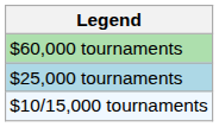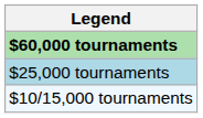 <table class="wikitable" style="font-size:85%">
 <tr>
 <th>Legend</th>
 </tr>
 <tr style="background:#addfad;">
-<td>$60,000 tournaments</td>
+<td><strong>$60,000 tournaments</strong></td>
 </tr>
 <tr style="background:lightblue;">
 <td>$25,000 tournaments</td>
 </tr>
 <tr style="background:#f0f8ff;">
 <td>$10/15,000 tournaments</td>
 </tr>
 </table>
